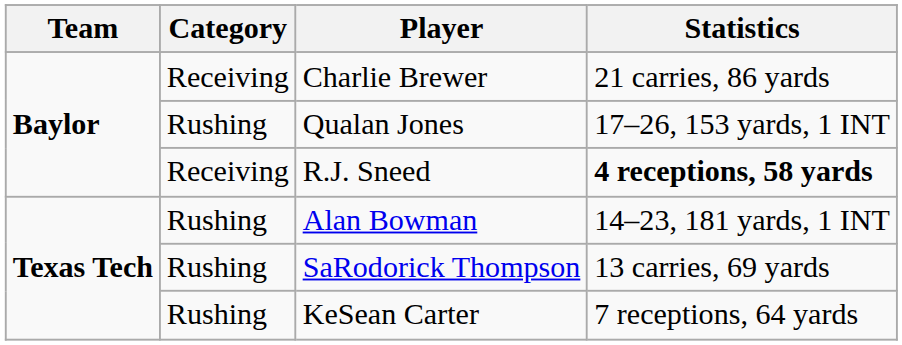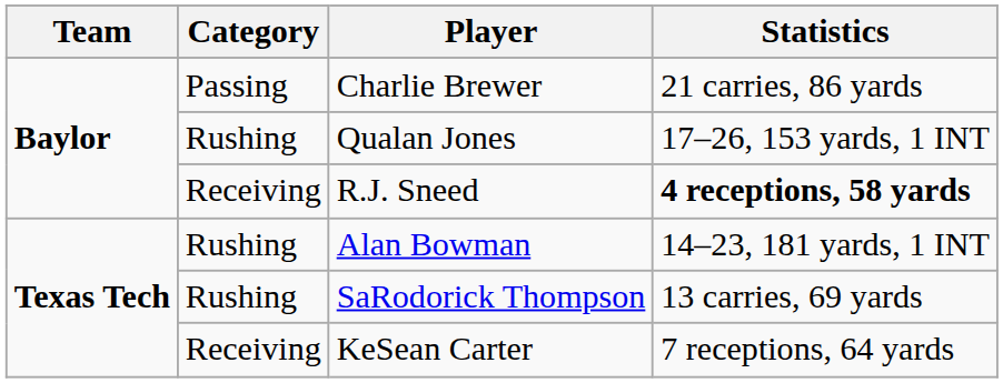 <table class="wikitable" style="float: right;">
 <tr>
 <th>Team</th>
 <th>Category</th>
 <th>Player</th>
 <th>Statistics</th>
 </tr>
 <tr>
 <td rowspan=3><strong>Baylor</strong></td>
-<td>Receiving</td>
+<td>Passing</td>
 <td>Charlie Brewer</td>
 <td>21 carries, 86 yards</td>
 </tr>
 <tr>
 <td>Rushing</td>
 <td>Qualan Jones</td>
 <td>17–26, 153 yards, 1 INT</td>
 </tr>
 <tr>
 <td>Receiving</td>
 <td>R.J. Sneed</td>
 <td><strong>4 receptions, 58 yards</strong></td>
 </tr>
 <tr>
 <td rowspan=3><strong>Texas Tech</strong></td>
 <td>Rushing</td>
 <td><a href='#'>Alan Bowman</a></td>
 <td>14–23, 181 yards, 1 INT</td>
 </tr>
 <tr>
 <td>Rushing</td>
 <td><a href='#'>SaRodorick Thompson</a></td>
 <td>13 carries, 69 yards</td>
 </tr>
 <tr>
-<td>Rushing</td>
+<td>Receiving</td>
 <td>KeSean Carter</td>
 <td>7 receptions, 64 yards</td>
 </tr>
 </table>
